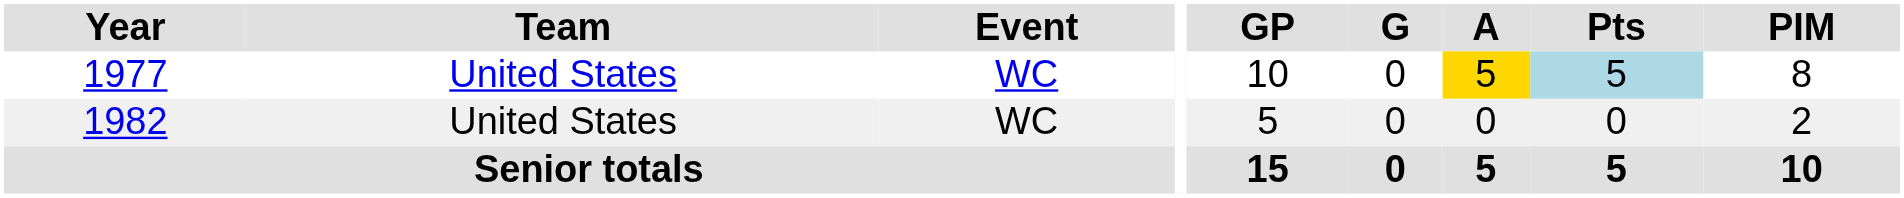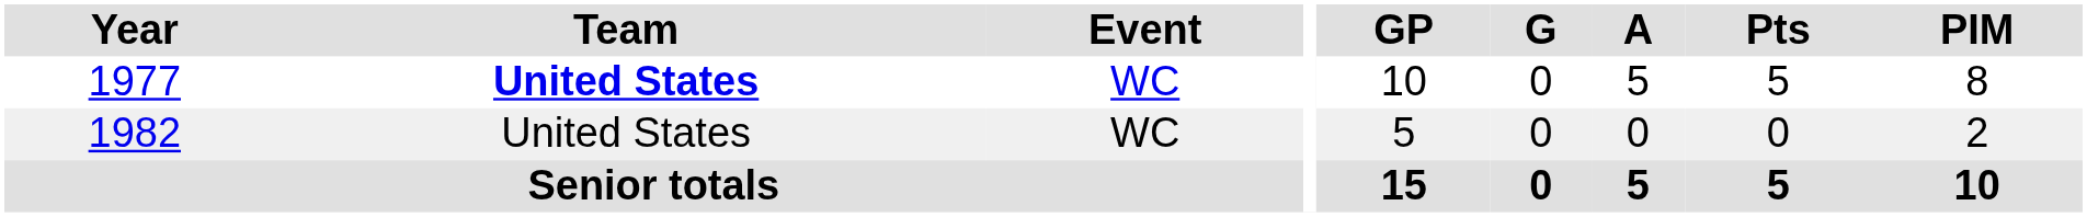 <table border="0" cellpadding="1" cellspacing="0" style="text-align:center; width:50em">
 <tr bgcolor="#e0e0e0">
 <th>Year</th>
 <th>Team</th>
 <th>Event</th>
 <th rowspan="99" bgcolor="#ffffff"></th>
 <th>GP</th>
 <th>G</th>
 <th>A</th>
 <th>Pts</th>
 <th>PIM</th>
 </tr>
 <tr>
 <td><a href='#'>1977</a></td>
-<td><a href='#'>United States</a></td>
+<td><strong><a href='#'>United States</a></strong></td>
 <td><a href='#'>WC</a></td>
 <td>10</td>
 <td>0</td>
-<td style="background: gold;">5</td>
-<td style="background: lightblue;">5</td>
+<td>5</td>
+<td>5</td>
 <td>8</td>
 </tr>
 <tr bgcolor="#f0f0f0">
 <td><a href='#'>1982</a></td>
 <td>United States</td>
 <td>WC</td>
 <td>5</td>
 <td>0</td>
 <td>0</td>
 <td>0</td>
 <td>2</td>
 </tr>
 <tr bgcolor="#e0e0e0">
 <th colspan="3">Senior totals</th>
 <th>15</th>
 <th>0</th>
 <th>5</th>
 <th>5</th>
 <th>10</th>
 </tr>
 </table>
